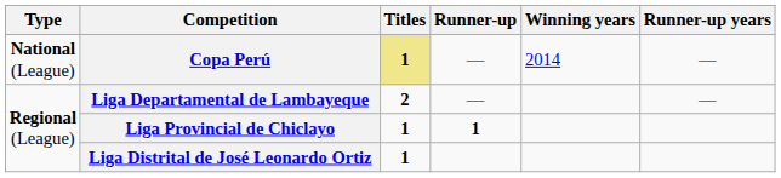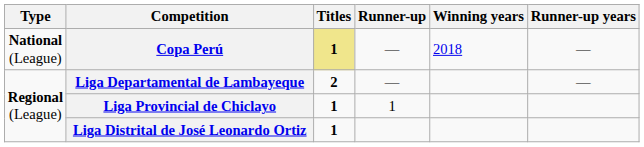 <table class="wikitable plainrowheaders" style="font-size:95%; text-align:center;">
 <tr>
 <th>Type</th>
 <th width=250px>Competition</th>
 <th>Titles</th>
 <th>Runner-up</th>
 <th>Winning years</th>
 <th>Runner-up years</th>
 </tr>
 <tr>
 <td rowspan=1><strong>National</strong><br>(League)</td>
 <th scope="col"><a href='#'>Copa Perú</a></th>
 <td style="background: khaki;"><strong>1</strong></td>
 <td style="text-align:center;">—</td>
-<td align="left"><a href='#'>2014</a></td>
+<td align="left"><a href='#'>2018</a></td>
 <td style="text-align:center;">—</td>
 </tr>
 <tr>
 <td rowspan="3"><strong>Regional</strong><br>(League)</td>
 <th><strong><a href='#'>Liga Departamental de Lambayeque</a></strong></th>
 <td><strong>2</strong></td>
 <td style="text-align:center;">—</td>
 <td></td>
 <td style="text-align:center;">—</td>
 </tr>
 <tr>
 <th><strong><a href='#'>Liga Provincial de Chiclayo</a></strong></th>
 <td><strong>1</strong></td>
-<td><strong>1</strong></td>
+<td>1</td>
 <td></td>
 <td></td>
 </tr>
 <tr>
 <th><strong><a href='#'>Liga Distrital de José Leonardo Ortiz</a></strong></th>
 <td><strong>1</strong></td>
 <td></td>
 <td></td>
 <td></td>
 </tr>
 </table>
